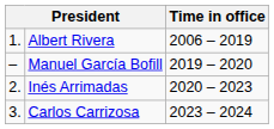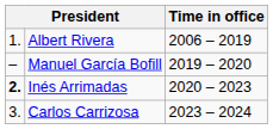 <table class="wikitable">
 <tr>
 <th colspan="2">President</th>
 <th>Time in office</th>
 </tr>
 <tr>
 <td>1.</td>
 <td><a href='#'>Albert Rivera</a></td>
 <td>2006 – 2019</td>
 </tr>
 <tr>
 <td>–</td>
 <td><a href='#'>Manuel García Bofill</a></td>
 <td>2019 – 2020</td>
 </tr>
 <tr>
-<td>2.</td>
+<td><strong>2.</strong></td>
 <td><a href='#'>Inés Arrimadas</a></td>
 <td>2020 – 2023</td>
 </tr>
 <tr>
 <td>3.</td>
 <td><a href='#'>Carlos Carrizosa</a></td>
 <td>2023 – 2024</td>
 </tr>
 </table>
